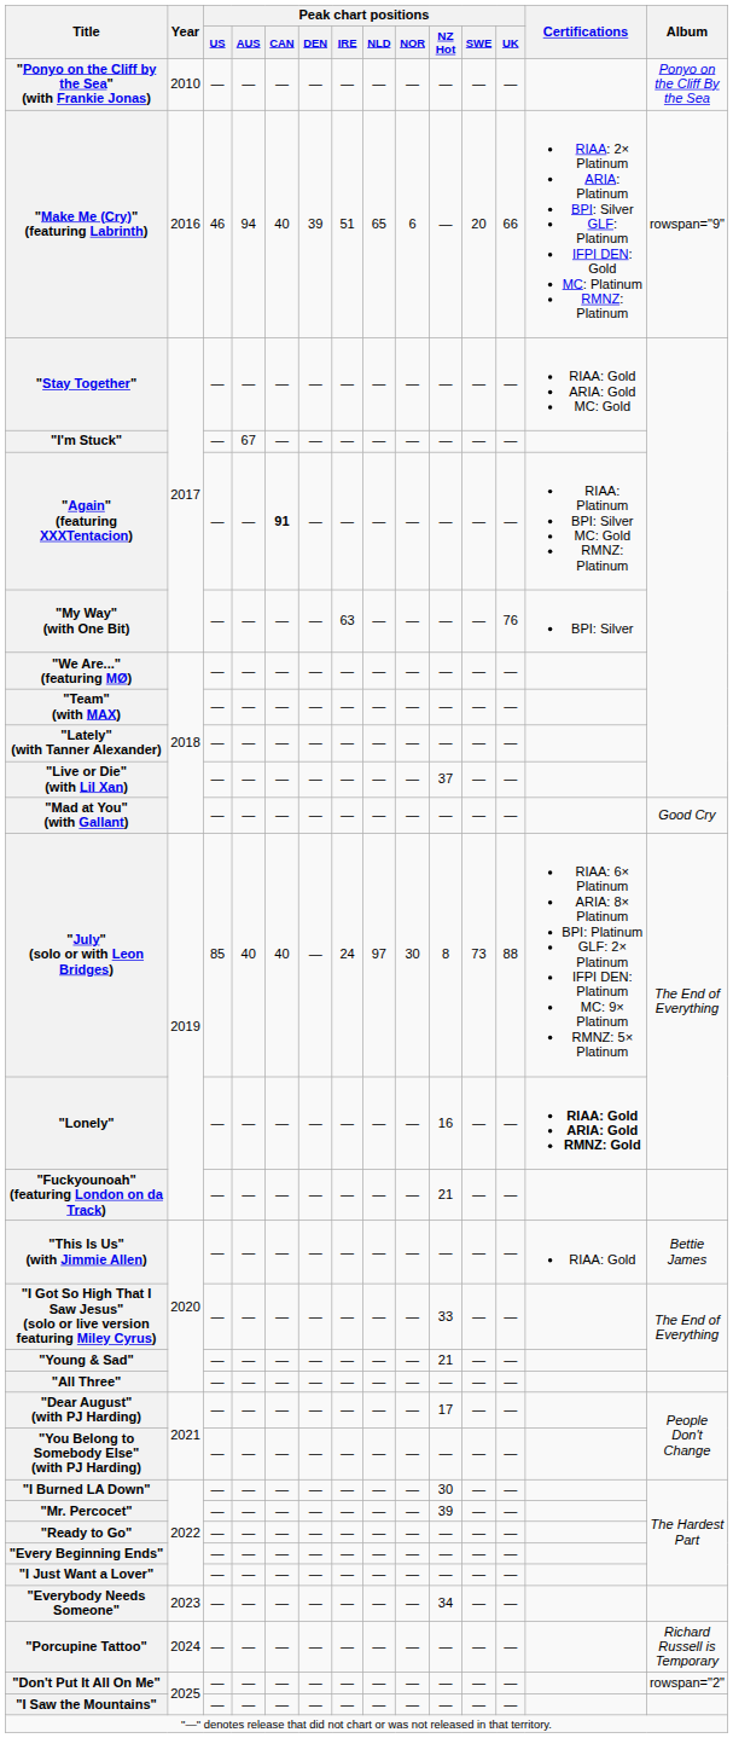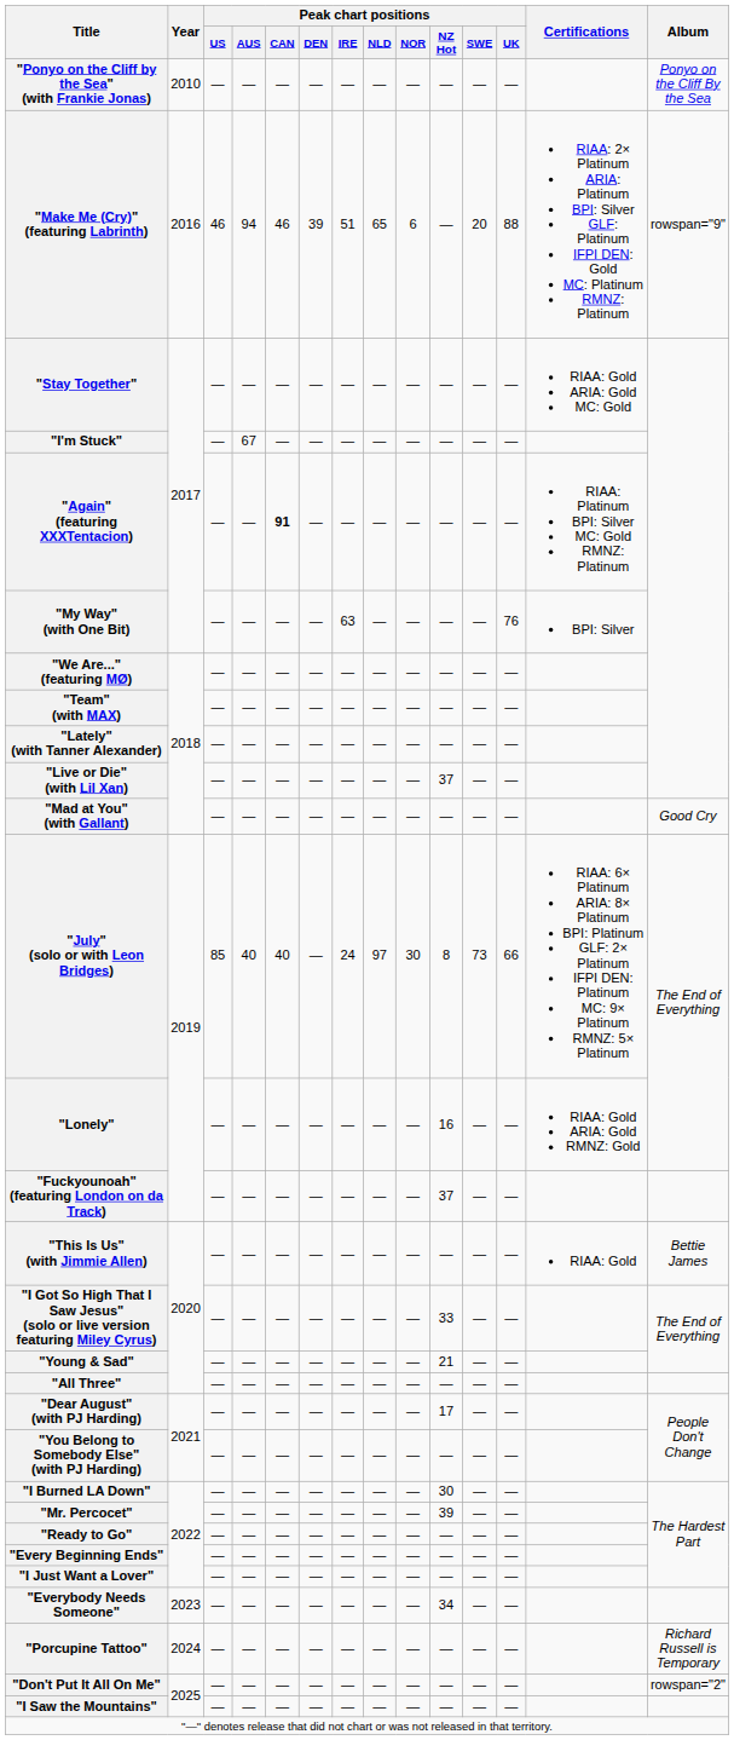 <table class="wikitable plainrowheaders" style="text-align:center;">
 <tr>
 <th scope="col" rowspan="2" style="width:18em;">Title</th>
 <th scope="col" rowspan="2">Year</th>
 <th scope="col" colspan="10">Peak chart positions</th>
 <th scope="col" rowspan="2" style="width:12em;"><a href='#'>Certifications</a></th>
 <th scope="col" rowspan="2">Album</th>
 </tr>
 <tr>
 <th scope="col" style="width:3em;font-size:85%;"><a href='#'>US</a><br></th>
 <th scope="col" style="width:3em;font-size:85%;"><a href='#'>AUS</a><br></th>
 <th scope="col" style="width:3em;font-size:85%;"><a href='#'>CAN</a><br></th>
 <th scope="col" style="width:3em;font-size:85%;"><a href='#'>DEN</a><br></th>
 <th scope="col" style="width:3em;font-size:85%;"><a href='#'>IRE</a><br></th>
 <th scope="col" style="width:3em;font-size:85%;"><a href='#'>NLD</a><br></th>
 <th scope="col" style="width:3em;font-size:85%;"><a href='#'>NOR</a><br></th>
 <th scope="col" style="width:3em;font-size:90%;"><a href='#'>NZ<br>Hot</a><br></th>
 <th scope="col" style="width:3em;font-size:85%;"><a href='#'>SWE</a><br></th>
 <th scope="col" style="width:3em;font-size:85%;"><a href='#'>UK</a><br></th>
 </tr>
 <tr>
 <th scope="row">"<a href='#'>Ponyo on the Cliff by the Sea</a>"<br><span>(with <a href='#'>Frankie Jonas</a>)</span></th>
 <td>2010</td>
 <td>—</td>
 <td>—</td>
 <td>—</td>
 <td>—</td>
 <td>—</td>
 <td>—</td>
 <td>—</td>
 <td>—</td>
 <td>—</td>
 <td>—</td>
 <td></td>
 <td><em><a href='#'>Ponyo on the Cliff By the Sea</a></em></td>
 </tr>
 <tr>
 <th scope="row">"<a href='#'>Make Me (Cry)</a>"<br><span>(featuring <a href='#'>Labrinth</a>)</span></th>
 <td>2016</td>
 <td>46</td>
 <td>94</td>
-<td>40</td>
+<td>46</td>
 <td>39</td>
 <td>51</td>
 <td>65</td>
 <td>6</td>
 <td>—</td>
 <td>20</td>
-<td>66</td>
+<td>88</td>
 <td><br><ul><li><a href='#'>RIAA</a>: 2× Platinum</li><li><a href='#'>ARIA</a>: Platinum</li><li><a href='#'>BPI</a>: Silver</li><li><a href='#'>GLF</a>: Platinum</li><li><a href='#'>IFPI DEN</a>: Gold</li><li><a href='#'>MC</a>: Platinum</li><li><a href='#'>RMNZ</a>: Platinum</li></ul></td>
 <td>rowspan="9" </td>
 </tr>
 <tr>
 <th scope="row">"<a href='#'>Stay Together</a>"</th>
 <td rowspan=4>2017</td>
 <td>—</td>
 <td>—</td>
 <td>—</td>
 <td>—</td>
 <td>—</td>
 <td>—</td>
 <td>—</td>
 <td>—</td>
 <td>—</td>
 <td>—</td>
 <td><br><ul><li>RIAA: Gold</li><li>ARIA: Gold</li><li>MC: Gold</li></ul></td>
 </tr>
 <tr>
 <th scope="row">"I'm Stuck"</th>
 <td>—</td>
 <td>67</td>
 <td>—</td>
 <td>—</td>
 <td>—</td>
 <td>—</td>
 <td>—</td>
 <td>—</td>
 <td>—</td>
 <td>—</td>
 <td></td>
 </tr>
 <tr>
 <th scope="row">"<a href='#'>Again</a>"<br><span>(featuring <a href='#'>XXXTentacion</a>)</span></th>
 <td>—</td>
 <td>—</td>
 <td><strong>91</strong></td>
 <td>—</td>
 <td>—</td>
 <td>—</td>
 <td>—</td>
 <td>—</td>
 <td>—</td>
 <td>—</td>
 <td><br><ul><li>RIAA: Platinum</li><li>BPI: Silver</li><li>MC: Gold</li><li>RMNZ: Platinum</li></ul></td>
 </tr>
 <tr>
 <th scope="row">"My Way"<br><span>(with One Bit)</span></th>
 <td>—</td>
 <td>—</td>
 <td>—</td>
 <td>—</td>
 <td>63</td>
 <td>—</td>
 <td>—</td>
 <td>—</td>
 <td>—</td>
 <td>76</td>
 <td><br><ul><li>BPI: Silver</li></ul></td>
 </tr>
 <tr>
 <th scope="row">"We Are..."<br><span>(featuring <a href='#'>MØ</a>)</span></th>
 <td rowspan="5">2018</td>
 <td>—</td>
 <td>—</td>
 <td>—</td>
 <td>—</td>
 <td>—</td>
 <td>—</td>
 <td>—</td>
 <td>—</td>
 <td>—</td>
 <td>—</td>
 <td></td>
 </tr>
 <tr>
 <th scope="row">"Team"<br><span>(with <a href='#'>MAX</a>)</span></th>
 <td>—</td>
 <td>—</td>
 <td>—</td>
 <td>—</td>
 <td>—</td>
 <td>—</td>
 <td>—</td>
 <td>—</td>
 <td>—</td>
 <td>—</td>
 <td></td>
 </tr>
 <tr>
 <th scope="row">"Lately"<br><span>(with Tanner Alexander)</span></th>
 <td>—</td>
 <td>—</td>
 <td>—</td>
 <td>—</td>
 <td>—</td>
 <td>—</td>
 <td>—</td>
 <td>—</td>
 <td>—</td>
 <td>—</td>
 <td></td>
 </tr>
 <tr>
 <th scope="row">"Live or Die"<br><span>(with <a href='#'>Lil Xan</a>)</span></th>
 <td>—</td>
 <td>—</td>
 <td>—</td>
 <td>—</td>
 <td>—</td>
 <td>—</td>
 <td>—</td>
 <td>37</td>
 <td>—</td>
 <td>—</td>
 <td></td>
 </tr>
 <tr>
 <th scope="row">"Mad at You"<br> <span>(with <a href='#'>Gallant</a>)</span></th>
 <td>—</td>
 <td>—</td>
 <td>—</td>
 <td>—</td>
 <td>—</td>
 <td>—</td>
 <td>—</td>
 <td>—</td>
 <td>—</td>
 <td>—</td>
 <td></td>
 <td><em>Good Cry</em></td>
 </tr>
 <tr>
 <th scope="row">"<a href='#'>July</a>"<br><span>(solo or with <a href='#'>Leon Bridges</a>)</span></th>
 <td rowspan="3">2019</td>
 <td>85</td>
 <td>40</td>
 <td>40</td>
 <td>—</td>
 <td>24</td>
 <td>97</td>
 <td>30</td>
 <td>8</td>
 <td>73<br></td>
-<td>88</td>
+<td>66</td>
 <td><br><ul><li>RIAA: 6× Platinum</li><li>ARIA: 8× Platinum</li><li>BPI: Platinum</li><li>GLF: 2× Platinum</li><li>IFPI DEN: Platinum</li><li>MC: 9× Platinum</li><li>RMNZ: 5× Platinum</li></ul></td>
 <td rowspan="2"><em>The End of Everything</em></td>
 </tr>
 <tr>
 <th scope="row">"Lonely"</th>
 <td>—</td>
 <td>—</td>
 <td>—</td>
 <td>—</td>
 <td>—</td>
 <td>—</td>
 <td>—</td>
 <td>16</td>
 <td>—</td>
 <td>—</td>
-<td><strong><br><ul><li>RIAA: Gold</li><li>ARIA: Gold</li><li>RMNZ: Gold</li></ul></strong></td>
+<td><br><ul><li>RIAA: Gold</li><li>ARIA: Gold</li><li>RMNZ: Gold</li></ul></td>
 </tr>
 <tr>
 <th scope="row">"Fuckyounoah"<br><span>(featuring <a href='#'>London on da Track</a>)</span></th>
 <td>—</td>
 <td>—</td>
 <td>—</td>
 <td>—</td>
 <td>—</td>
 <td>—</td>
 <td>—</td>
-<td>21</td>
+<td>37</td>
 <td>—</td>
 <td>—</td>
 <td></td>
 <td></td>
 </tr>
 <tr>
 <th scope="row">"This Is Us"<br><span>(with <a href='#'>Jimmie Allen</a>)</span></th>
 <td rowspan="4">2020</td>
 <td>—</td>
 <td>—</td>
 <td>—</td>
 <td>—</td>
 <td>—</td>
 <td>—</td>
 <td>—</td>
 <td>—</td>
 <td>—</td>
 <td>—</td>
 <td><br><ul><li>RIAA: Gold</li></ul></td>
 <td><em>Bettie James</em></td>
 </tr>
 <tr>
 <th scope="row">"I Got So High That I Saw Jesus"<br><span>(solo or live version featuring <a href='#'>Miley Cyrus</a>)</span></th>
 <td>—</td>
 <td>—</td>
 <td>—</td>
 <td>—</td>
 <td>—</td>
 <td>—</td>
 <td>—</td>
 <td>33</td>
 <td>—</td>
 <td>—</td>
 <td></td>
 <td rowspan="2"><em>The End of Everything</em></td>
 </tr>
 <tr>
 <th scope="row">"Young & Sad"</th>
 <td>—</td>
 <td>—</td>
 <td>—</td>
 <td>—</td>
 <td>—</td>
 <td>—</td>
 <td>—</td>
 <td>21</td>
 <td>—</td>
 <td>—</td>
 <td></td>
 </tr>
 <tr>
 <th scope="row">"All Three"</th>
 <td>—</td>
 <td>—</td>
 <td>—</td>
 <td>—</td>
 <td>—</td>
 <td>—</td>
 <td>—</td>
 <td>—</td>
 <td>—</td>
 <td>—</td>
 <td></td>
 <td></td>
 </tr>
 <tr>
 <th scope="row">"Dear August"<br><span>(with PJ Harding)</span></th>
 <td rowspan="2">2021</td>
 <td>—</td>
 <td>—</td>
 <td>—</td>
 <td>—</td>
 <td>—</td>
 <td>—</td>
 <td>—</td>
 <td>17</td>
 <td>—</td>
 <td>—</td>
 <td></td>
 <td rowspan="2"><em>People Don't Change</em></td>
 </tr>
 <tr>
 <th scope="row">"You Belong to Somebody Else"<br><span>(with PJ Harding)</span></th>
 <td>—</td>
 <td>—</td>
 <td>—</td>
 <td>—</td>
 <td>—</td>
 <td>—</td>
 <td>—</td>
 <td>—</td>
 <td>—</td>
 <td>—</td>
 <td></td>
 </tr>
 <tr>
 <th scope="row">"I Burned LA Down"</th>
 <td rowspan="5">2022</td>
 <td>—</td>
 <td>—</td>
 <td>—</td>
 <td>—</td>
 <td>—</td>
 <td>—</td>
 <td>—</td>
 <td>30</td>
 <td>—</td>
 <td>—</td>
 <td></td>
 <td rowspan="5"><em>The Hardest Part</em></td>
 </tr>
 <tr>
 <th scope="row">"Mr. Percocet"</th>
 <td>—</td>
 <td>—</td>
 <td>—</td>
 <td>—</td>
 <td>—</td>
 <td>—</td>
 <td>—</td>
 <td>39</td>
 <td>—</td>
 <td>—</td>
 <td></td>
 </tr>
 <tr>
 <th scope="row">"Ready to Go"</th>
 <td>—</td>
 <td>—</td>
 <td>—</td>
 <td>—</td>
 <td>—</td>
 <td>—</td>
 <td>—</td>
 <td>—</td>
 <td>—</td>
 <td>—</td>
 <td></td>
 </tr>
 <tr>
 <th scope="row">"Every Beginning Ends"<br></th>
 <td>—</td>
 <td>—</td>
 <td>—</td>
 <td>—</td>
 <td>—</td>
 <td>—</td>
 <td>—</td>
 <td>—</td>
 <td>—</td>
 <td>—</td>
 <td></td>
 </tr>
 <tr>
 <th scope="row">"I Just Want a Lover"</th>
 <td>—</td>
 <td>—</td>
 <td>—</td>
 <td>—</td>
 <td>—</td>
 <td>—</td>
 <td>—</td>
 <td>—</td>
 <td>—</td>
 <td>—</td>
 <td></td>
 </tr>
 <tr>
 <th scope="row">"Everybody Needs Someone"<br></th>
 <td>2023</td>
 <td>—</td>
 <td>—</td>
 <td>—</td>
 <td>—</td>
 <td>—</td>
 <td>—</td>
 <td>—</td>
 <td>34</td>
 <td>—</td>
 <td>—</td>
 <td></td>
 <td></td>
 </tr>
 <tr>
 <th scope="row">"Porcupine Tattoo"<br></th>
 <td>2024</td>
 <td>—</td>
 <td>—</td>
 <td>—</td>
 <td>—</td>
 <td>—</td>
 <td>—</td>
 <td>—</td>
 <td>—</td>
 <td>—</td>
 <td>—</td>
 <td></td>
 <td><em>Richard Russell is Temporary</em></td>
 </tr>
 <tr>
 <th scope="row">"Don't Put It All On Me" <br></th>
 <td rowspan="2">2025</td>
 <td>—</td>
 <td>—</td>
 <td>—</td>
 <td>—</td>
 <td>—</td>
 <td>—</td>
 <td>—</td>
 <td>—</td>
 <td>—</td>
 <td>—</td>
 <td></td>
 <td>rowspan="2"</td>
 </tr>
 <tr>
 <th scope="row">"I Saw the Mountains"</th>
 <td>—</td>
 <td>—</td>
 <td>—</td>
 <td>—</td>
 <td>—</td>
 <td>—</td>
 <td>—</td>
 <td>—</td>
 <td>—</td>
 <td>—</td>
 <td></td>
 </tr>
 <tr>
 <td colspan="15" style="font-size:85%">"—" denotes release that did not chart or was not released in that territory.</td>
 </tr>
 </table>
